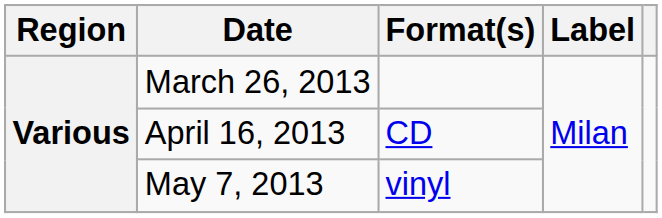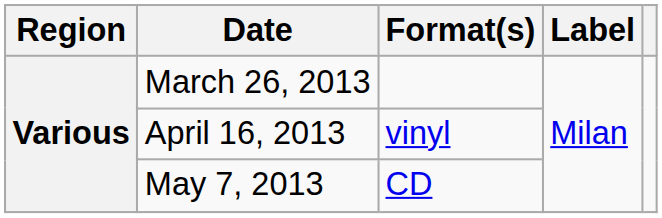 <table class="wikitable plainrowheaders">
 <tr>
 <th scope="col">Region</th>
 <th scope="col">Date</th>
 <th scope="col">Format(s)</th>
 <th scope="col">Label</th>
 <th scope="col"></th>
 </tr>
 <tr>
 <th scope="row" rowspan="3">Various</th>
 <td>March 26, 2013</td>
 <td></td>
 <td rowspan="3"><a href='#'>Milan</a></td>
 <td rowspan="3" align="center"></td>
 </tr>
 <tr>
 <td>April 16, 2013</td>
-<td><a href='#'>CD</a></td>
+<td><a href='#'>vinyl</a></td>
 </tr>
 <tr>
 <td>May 7, 2013</td>
-<td><a href='#'>vinyl</a></td>
+<td><a href='#'>CD</a></td>
 </tr>
 </table>
